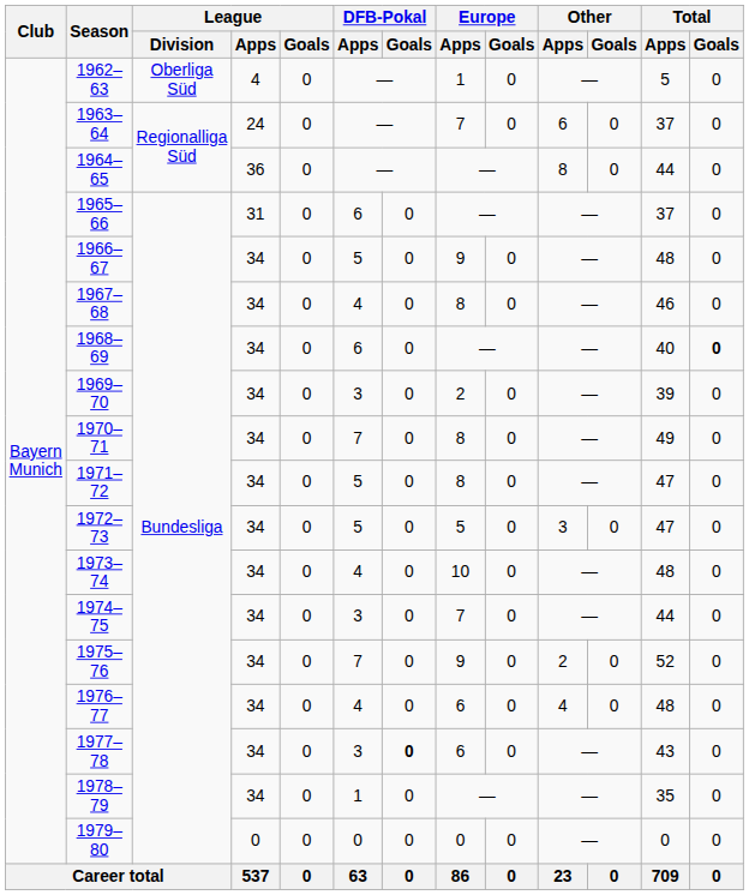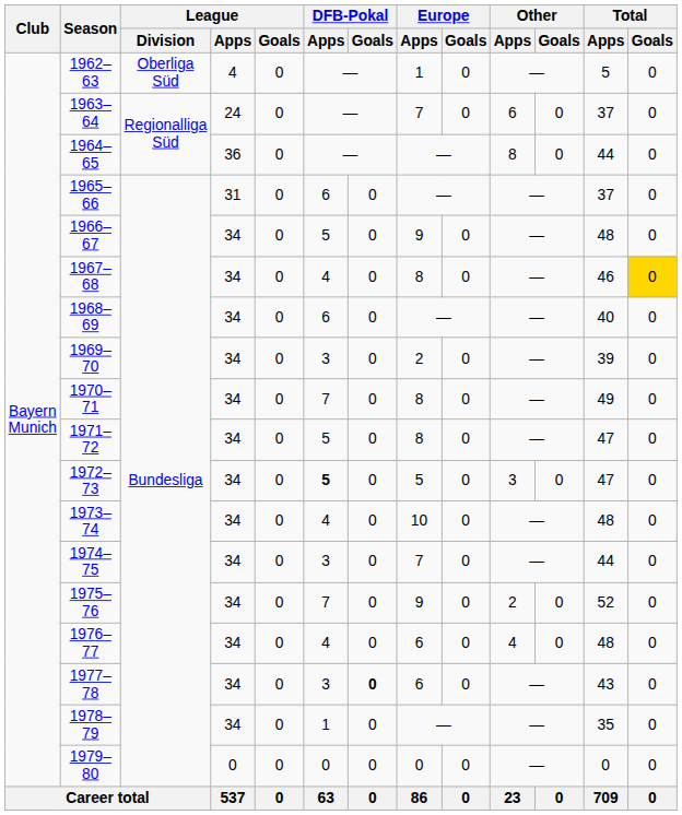 <table class="wikitable" style="text-align:center">
 <tr>
 <th rowspan="2">Club</th>
 <th rowspan="2">Season</th>
 <th colspan="3">League</th>
 <th colspan="2"><a href='#'>DFB-Pokal</a></th>
 <th colspan="2"><a href='#'>Europe</a></th>
 <th colspan="2">Other</th>
 <th colspan="2">Total</th>
 </tr>
 <tr>
 <th>Division</th>
 <th width="40">Apps</th>
 <th width="40">Goals</th>
 <th width="40">Apps</th>
 <th width="40">Goals</th>
 <th width="40">Apps</th>
 <th width="40">Goals</th>
 <th width="40">Apps</th>
 <th width="40">Goals</th>
 <th width="40">Apps</th>
 <th width="40">Goals</th>
 </tr>
 <tr>
 <td rowspan="18"><a href='#'>Bayern Munich</a></td>
 <td><a href='#'>1962–63</a></td>
 <td><a href='#'>Oberliga Süd</a></td>
 <td>4</td>
 <td>0</td>
 <td colspan="2">—</td>
 <td>1</td>
 <td>0</td>
 <td colspan="2">—</td>
 <td>5</td>
 <td>0</td>
 </tr>
 <tr>
 <td><a href='#'>1963–64</a></td>
 <td rowspan="2"><a href='#'>Regionalliga Süd</a></td>
 <td>24</td>
 <td>0</td>
 <td colspan="2">—</td>
 <td>7</td>
 <td>0</td>
 <td>6</td>
 <td>0</td>
 <td>37</td>
 <td>0</td>
 </tr>
 <tr>
 <td><a href='#'>1964–65</a></td>
 <td>36</td>
 <td>0</td>
 <td colspan="2">—</td>
 <td colspan="2">—</td>
 <td>8</td>
 <td>0</td>
 <td>44</td>
 <td>0</td>
 </tr>
 <tr>
 <td><a href='#'>1965–66</a></td>
 <td rowspan="15"><a href='#'>Bundesliga</a></td>
 <td>31</td>
 <td>0</td>
 <td>6</td>
 <td>0</td>
 <td colspan="2">—</td>
 <td colspan="2">—</td>
 <td>37</td>
 <td>0</td>
 </tr>
 <tr>
 <td><a href='#'>1966–67</a></td>
 <td>34</td>
 <td>0</td>
 <td>5</td>
 <td>0</td>
 <td>9</td>
 <td>0</td>
 <td colspan="2">—</td>
 <td>48</td>
 <td>0</td>
 </tr>
 <tr>
 <td><a href='#'>1967–68</a></td>
 <td>34</td>
 <td>0</td>
 <td>4</td>
 <td>0</td>
 <td>8</td>
 <td>0</td>
 <td colspan="2">—</td>
 <td>46</td>
-<td>0</td>
+<td style="background: gold;">0</td>
 </tr>
 <tr>
 <td><a href='#'>1968–69</a></td>
 <td>34</td>
 <td>0</td>
 <td>6</td>
 <td>0</td>
 <td colspan="2">—</td>
 <td colspan="2">—</td>
 <td>40</td>
-<td><strong>0</strong></td>
+<td>0</td>
 </tr>
 <tr>
 <td><a href='#'>1969–70</a></td>
 <td>34</td>
 <td>0</td>
 <td>3</td>
 <td>0</td>
 <td>2</td>
 <td>0</td>
 <td colspan="2">—</td>
 <td>39</td>
 <td>0</td>
 </tr>
 <tr>
 <td><a href='#'>1970–71</a></td>
 <td>34</td>
 <td>0</td>
 <td>7</td>
 <td>0</td>
 <td>8</td>
 <td>0</td>
 <td colspan="2">—</td>
 <td>49</td>
 <td>0</td>
 </tr>
 <tr>
 <td><a href='#'>1971–72</a></td>
 <td>34</td>
 <td>0</td>
 <td>5</td>
 <td>0</td>
 <td>8</td>
 <td>0</td>
 <td colspan="2">—</td>
 <td>47</td>
 <td>0</td>
 </tr>
 <tr>
 <td><a href='#'>1972–73</a></td>
 <td>34</td>
 <td>0</td>
-<td>5</td>
+<td><strong>5</strong></td>
 <td>0</td>
 <td>5</td>
 <td>0</td>
 <td>3</td>
 <td>0</td>
 <td>47</td>
 <td>0</td>
 </tr>
 <tr>
 <td><a href='#'>1973–74</a></td>
 <td>34</td>
 <td>0</td>
 <td>4</td>
 <td>0</td>
 <td>10</td>
 <td>0</td>
 <td colspan="2">—</td>
 <td>48</td>
 <td>0</td>
 </tr>
 <tr>
 <td><a href='#'>1974–75</a></td>
 <td>34</td>
 <td>0</td>
 <td>3</td>
 <td>0</td>
 <td>7</td>
 <td>0</td>
 <td colspan="2">—</td>
 <td>44</td>
 <td>0</td>
 </tr>
 <tr>
 <td><a href='#'>1975–76</a></td>
 <td>34</td>
 <td>0</td>
 <td>7</td>
 <td>0</td>
 <td>9</td>
 <td>0</td>
 <td>2</td>
 <td>0</td>
 <td>52</td>
 <td>0</td>
 </tr>
 <tr>
 <td><a href='#'>1976–77</a></td>
 <td>34</td>
 <td>0</td>
 <td>4</td>
 <td>0</td>
 <td>6</td>
 <td>0</td>
 <td>4</td>
 <td>0</td>
 <td>48</td>
 <td>0</td>
 </tr>
 <tr>
 <td><a href='#'>1977–78</a></td>
 <td>34</td>
 <td>0</td>
 <td>3</td>
 <td><strong>0</strong></td>
 <td>6</td>
 <td>0</td>
 <td colspan="2">—</td>
 <td>43</td>
 <td>0</td>
 </tr>
 <tr>
 <td><a href='#'>1978–79</a></td>
 <td>34</td>
 <td>0</td>
 <td>1</td>
 <td>0</td>
 <td colspan="2">—</td>
 <td colspan="2">—</td>
 <td>35</td>
 <td>0</td>
 </tr>
 <tr>
 <td><a href='#'>1979–80</a></td>
 <td>0</td>
 <td>0</td>
 <td>0</td>
 <td>0</td>
 <td>0</td>
 <td>0</td>
 <td colspan="2">—</td>
 <td>0</td>
 <td>0</td>
 </tr>
 <tr>
 <th colspan="3">Career total</th>
 <th>537</th>
 <th>0</th>
 <th>63</th>
 <th>0</th>
 <th>86</th>
 <th>0</th>
 <th>23</th>
 <th>0</th>
 <th>709</th>
 <th>0</th>
 </tr>
 </table>
